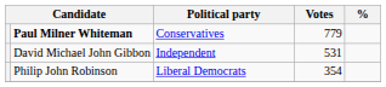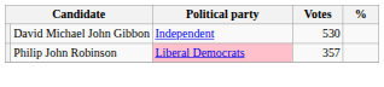 <table class="wikitable">
 <tr>
 <th valign=top colspan="2" style="width: 180px">Candidate</th>
 <th valign=top style="width: 180px">Political party</th>
 <th valign=top style="width: 60px">Votes</th>
 <th valign=top style="width: 40px">%</th>
 </tr>
 <tr>
 <th style="background-color: "></th>
-<td><strong>Paul Milner Whiteman</strong></td>
-<td><a href='#'>Conservatives</a></td>
-<td align="right">779</td>
-<td align="right"></td>
-</tr>
-<tr>
-<th style="background-color: "></th>
 <td>David Michael John Gibbon</td>
 <td><a href='#'>Independent</a></td>
-<td align="right">531</td>
+<td align="right">530</td>
 <td align="right"></td>
 </tr>
 <tr>
 <th style="background-color: "></th>
 <td>Philip John Robinson</td>
-<td><a href='#'>Liberal Democrats</a></td>
-<td align="right">354</td>
+<td style="background: pink;"><a href='#'>Liberal Democrats</a></td>
+<td align="right">357</td>
 <td align="right"></td>
 </tr>
 <tr>
 </tr>
 </table>
